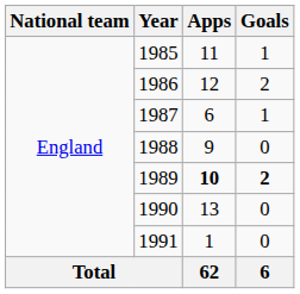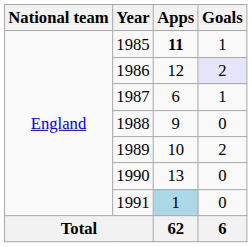 <table class="wikitable" style="text-align:center">
 <tr>
 <th>National team</th>
 <th>Year</th>
 <th>Apps</th>
 <th>Goals</th>
 </tr>
 <tr>
 <td rowspan="7"><a href='#'>England</a></td>
 <td>1985</td>
-<td>11</td>
+<td><strong>11</strong></td>
 <td>1</td>
 </tr>
 <tr>
 <td>1986</td>
 <td>12</td>
-<td>2</td>
+<td style="background: lavender;">2</td>
 </tr>
 <tr>
 <td>1987</td>
 <td>6</td>
 <td>1</td>
 </tr>
 <tr>
 <td>1988</td>
 <td>9</td>
 <td>0</td>
 </tr>
 <tr>
 <td>1989</td>
-<td><strong>10</strong></td>
-<td><strong>2</strong></td>
+<td>10</td>
+<td>2</td>
 </tr>
 <tr>
 <td>1990</td>
 <td>13</td>
 <td>0</td>
 </tr>
 <tr>
 <td>1991</td>
-<td>1</td>
+<td style="background: lightblue;">1</td>
 <td>0</td>
 </tr>
 <tr>
 <th colspan="2">Total</th>
 <th>62</th>
 <th>6</th>
 </tr>
 </table>
